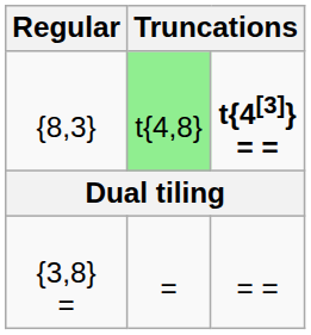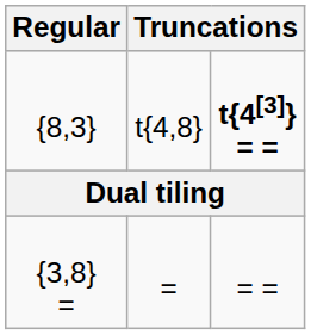 <table class=wikitable>
 <tr>
 <th>Regular</th>
 <th colspan=2>Truncations</th>
 </tr>
 <tr align=center>
 <td><br>{8,3}<br></td>
-<td style="background: lightgreen;"><br>t{4,8}<br></td>
+<td><br>t{4,8}<br></td>
 <td><strong><br>t{4<sup>[3]</sup>}<br> =  = </strong></td>
 </tr>
 <tr align=center>
 <th colspan=4>Dual tiling</th>
 </tr>
 <tr align=center>
 <td><br>{3,8}<br> = </td>
 <td><br> = </td>
 <td><br> =  = </td>
 </tr>
 </table>
